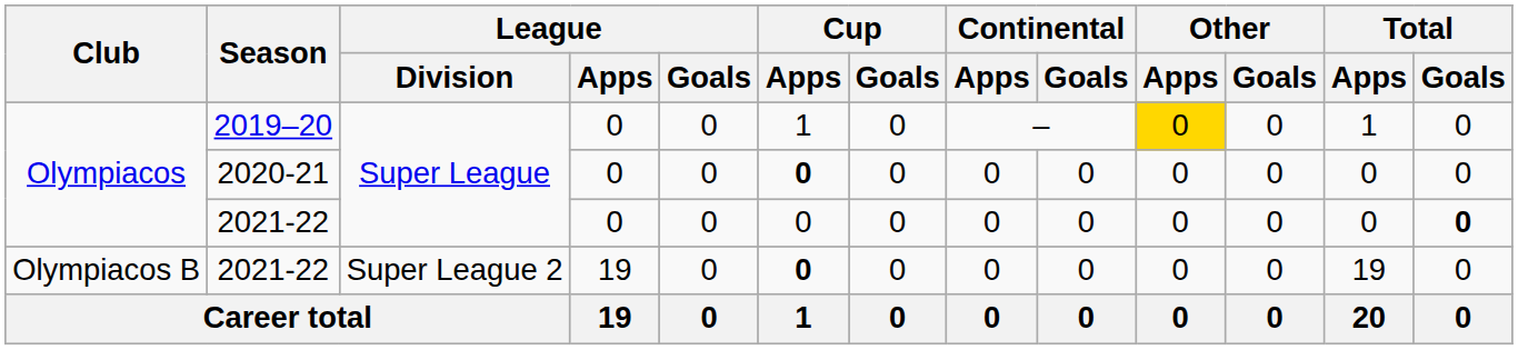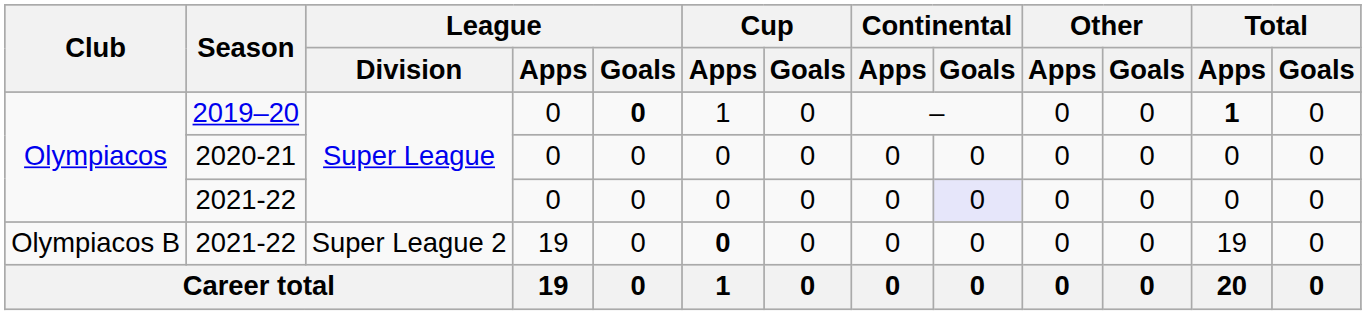 <table class="wikitable" style="text-align: center">
 <tr>
 <th rowspan="2">Club</th>
 <th rowspan="2">Season</th>
 <th colspan="3">League</th>
 <th colspan="2">Cup</th>
 <th colspan="2">Continental</th>
 <th colspan="2">Other</th>
 <th colspan="2">Total</th>
 </tr>
 <tr>
 <th>Division</th>
 <th>Apps</th>
 <th>Goals</th>
 <th>Apps</th>
 <th>Goals</th>
 <th>Apps</th>
 <th>Goals</th>
 <th>Apps</th>
 <th>Goals</th>
 <th>Apps</th>
 <th>Goals</th>
 </tr>
 <tr>
 <td rowspan="3"><a href='#'>Olympiacos</a></td>
 <td><a href='#'>2019–20</a></td>
 <td rowspan="3"><a href='#'>Super League</a></td>
 <td>0</td>
-<td>0</td>
+<td><strong>0</strong></td>
 <td>1</td>
 <td>0</td>
 <td colspan="2">–</td>
-<td style="background: gold;">0</td>
 <td>0</td>
-<td>1</td>
+<td>0</td>
+<td><strong>1</strong></td>
 <td>0</td>
 </tr>
 <tr>
 <td>2020-21</td>
 <td>0</td>
 <td>0</td>
-<td><strong>0</strong></td>
+<td>0</td>
 <td>0</td>
 <td>0</td>
 <td>0</td>
 <td>0</td>
 <td>0</td>
 <td>0</td>
 <td>0</td>
 </tr>
 <tr>
 <td>2021-22</td>
 <td>0</td>
 <td>0</td>
 <td>0</td>
 <td>0</td>
 <td>0</td>
+<td style="background: lavender;">0</td>
 <td>0</td>
 <td>0</td>
 <td>0</td>
 <td>0</td>
-<td><strong>0</strong></td>
 </tr>
 <tr>
 <td>Olympiacos B</td>
 <td>2021-22</td>
 <td>Super League 2</td>
 <td>19</td>
 <td>0</td>
 <td><strong>0</strong></td>
 <td>0</td>
 <td>0</td>
 <td>0</td>
 <td>0</td>
 <td>0</td>
 <td>19</td>
 <td>0</td>
 </tr>
 <tr>
 <th colspan="3"><strong>Career total</strong></th>
 <th>19</th>
 <th>0</th>
 <th>1</th>
 <th>0</th>
 <th>0</th>
 <th>0</th>
 <th>0</th>
 <th>0</th>
 <th>20</th>
 <th>0</th>
 </tr>
 </table>
